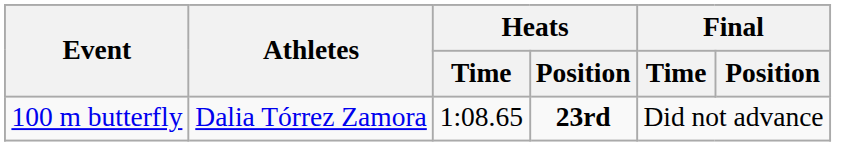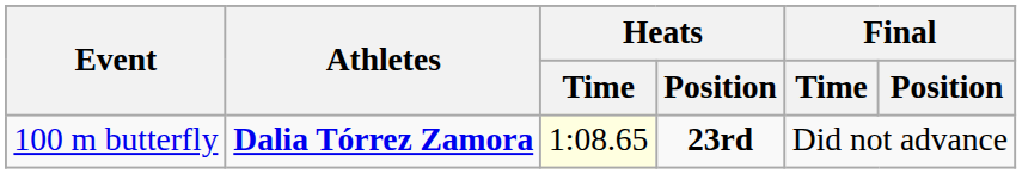 <table class="wikitable" border="1" style="font-size:90%">
 <tr>
 <th rowspan=2>Event</th>
 <th rowspan=2>Athletes</th>
 <th colspan=2>Heats</th>
 <th colspan=2>Final</th>
 </tr>
 <tr>
 <th>Time</th>
 <th>Position</th>
 <th>Time</th>
 <th>Position</th>
 </tr>
 <tr>
 <td><a href='#'>100 m butterfly</a></td>
-<td><a href='#'>Dalia Tórrez Zamora</a></td>
-<td align=center>1:08.65</td>
+<td><strong><a href='#'>Dalia Tórrez Zamora</a></strong></td>
+<td align=center style="background: lightyellow;">1:08.65</td>
 <td align=center><strong>23rd</strong></td>
 <td align=center colspan=2>Did not advance</td>
 </tr>
 </table>
